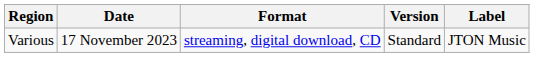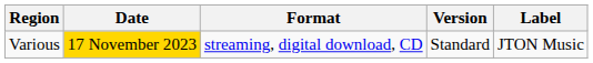 <table class="wikitable sortable">
 <tr>
 <th>Region</th>
 <th>Date</th>
 <th>Format</th>
 <th>Version</th>
 <th>Label</th>
 </tr>
 <tr>
 <td>Various</td>
-<td>17 November 2023</td>
+<td style="background: gold;">17 November 2023</td>
 <td rowspan="2"><a href='#'>streaming</a>, <a href='#'>digital download</a>, <a href='#'>CD</a></td>
 <td>Standard</td>
 <td>JTON Music</td>
 </tr>
 </table>
